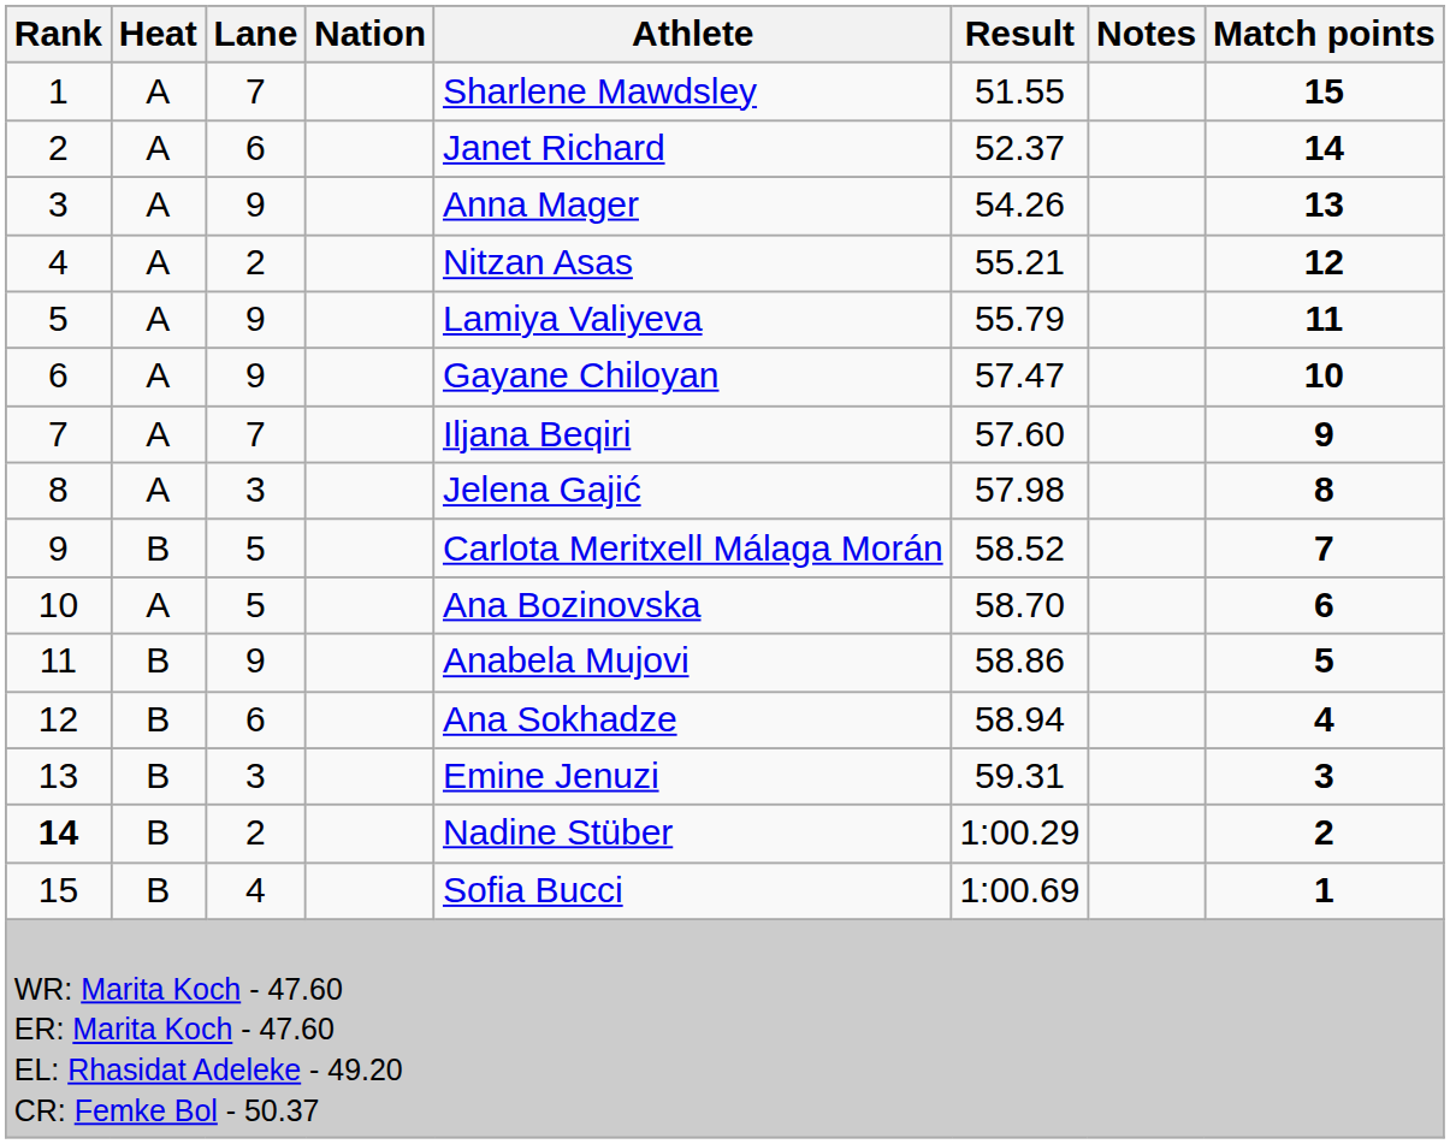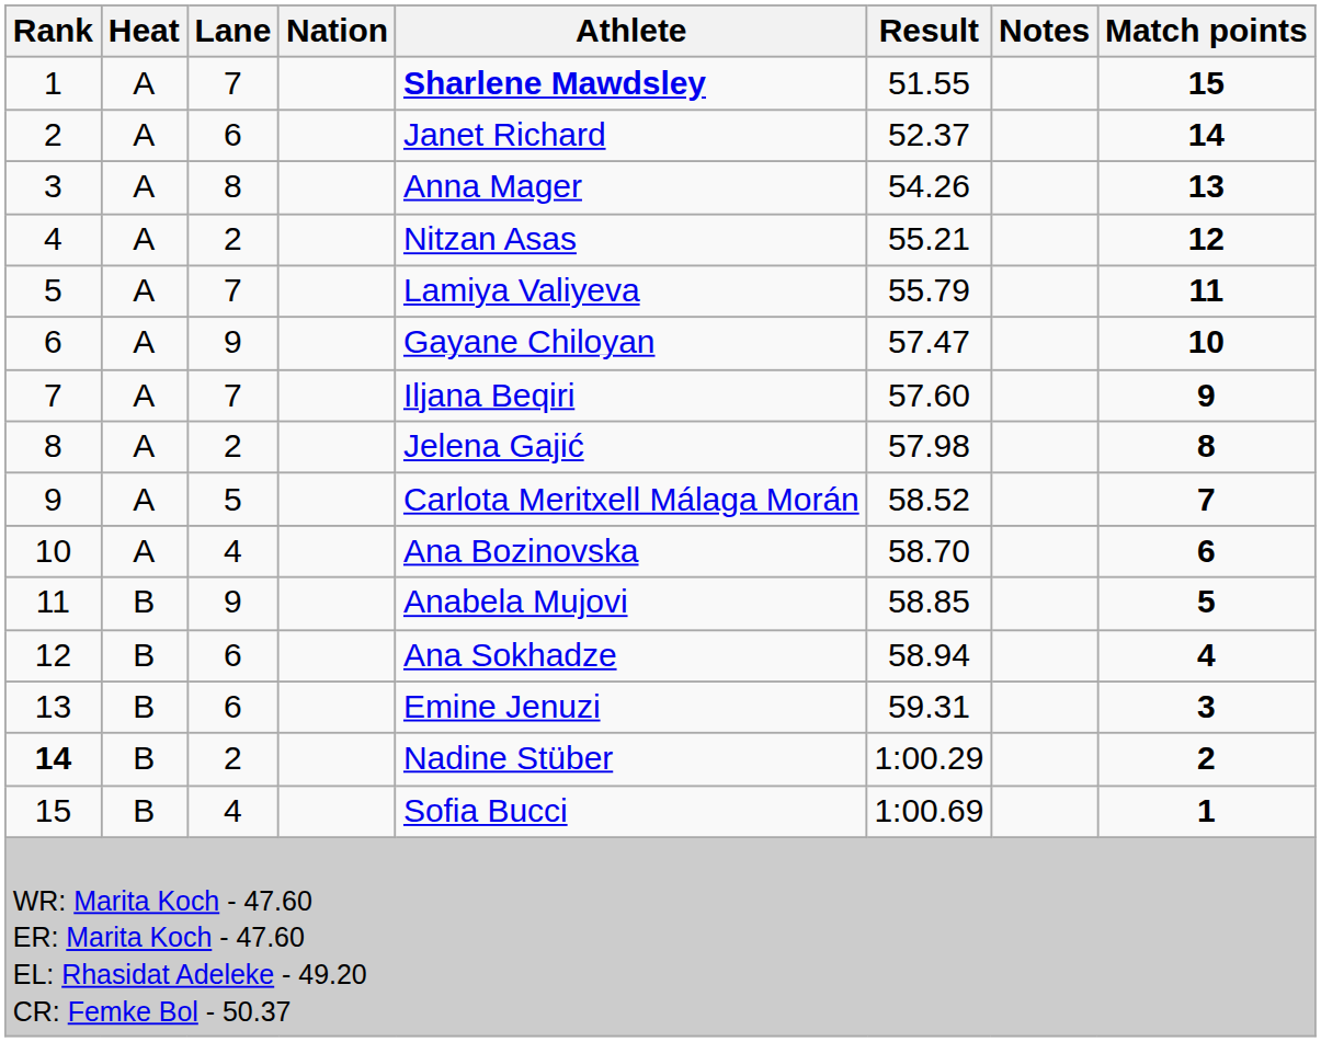 <table class="wikitable sortable" style="text-align:left;">
 <tr>
 <th>Rank</th>
 <th>Heat</th>
 <th>Lane</th>
 <th>Nation</th>
 <th>Athlete</th>
 <th>Result</th>
 <th>Notes</th>
 <th>Match points</th>
 </tr>
 <tr>
 <td align=center>1</td>
 <td align=center>A</td>
 <td align=center>7</td>
 <td></td>
-<td><a href='#'>Sharlene Mawdsley</a></td>
+<td><strong><a href='#'>Sharlene Mawdsley</a></strong></td>
 <td align=center>51.55</td>
 <td></td>
 <td align=center><strong>15</strong></td>
 </tr>
 <tr>
 <td align=center>2</td>
 <td align=center>A</td>
 <td align=center>6</td>
 <td></td>
 <td><a href='#'>Janet Richard</a></td>
 <td align=center>52.37</td>
 <td align=center></td>
 <td align=center><strong>14</strong></td>
 </tr>
 <tr>
 <td align=center>3</td>
 <td align=center>A</td>
-<td align=center>9</td>
+<td align=center>8</td>
 <td></td>
 <td><a href='#'>Anna Mager</a></td>
 <td align=center>54.26</td>
 <td align=center></td>
 <td align=center><strong>13</strong></td>
 </tr>
 <tr>
 <td align=center>4</td>
 <td align=center>A</td>
 <td align=center>2</td>
 <td></td>
 <td><a href='#'>Nitzan Asas</a></td>
 <td align=center>55.21</td>
 <td align=center></td>
 <td align=center><strong>12</strong></td>
 </tr>
 <tr>
 <td align=center>5</td>
 <td align=center>A</td>
-<td align=center>9</td>
+<td align=center>7</td>
 <td></td>
 <td><a href='#'>Lamiya Valiyeva</a></td>
 <td align=center>55.79</td>
 <td></td>
 <td align=center><strong>11</strong></td>
 </tr>
 <tr>
 <td align=center>6</td>
 <td align=center>A</td>
 <td align=center>9</td>
 <td></td>
 <td><a href='#'>Gayane Chiloyan</a></td>
 <td align=center>57.47</td>
 <td align=center></td>
 <td align=center><strong>10</strong></td>
 </tr>
 <tr>
 <td align=center>7</td>
 <td align=center>A</td>
 <td align=center>7</td>
 <td></td>
 <td><a href='#'>Iljana Beqiri</a></td>
 <td align=center>57.60</td>
 <td align=center></td>
 <td align=center><strong>9</strong></td>
 </tr>
 <tr>
 <td align=center>8</td>
 <td align=center>A</td>
-<td align=center>3</td>
+<td align=center>2</td>
 <td></td>
 <td><a href='#'>Jelena Gajić</a></td>
 <td align=center>57.98</td>
 <td align=center></td>
 <td align=center><strong>8</strong></td>
 </tr>
 <tr>
 <td align=center>9</td>
-<td align=center>B</td>
+<td align=center>A</td>
 <td align=center>5</td>
 <td></td>
 <td><a href='#'>Carlota Meritxell Málaga Morán</a></td>
 <td align=center>58.52</td>
 <td align=center></td>
 <td align=center><strong>7</strong></td>
 </tr>
 <tr>
 <td align=center>10</td>
 <td align=center>A</td>
-<td align=center>5</td>
+<td align=center>4</td>
 <td></td>
 <td><a href='#'>Ana Bozinovska</a></td>
 <td align=center>58.70</td>
 <td align=center></td>
 <td align=center><strong>6</strong></td>
 </tr>
 <tr>
 <td align=center>11</td>
 <td align=center>B</td>
 <td align=center>9</td>
 <td></td>
 <td><a href='#'>Anabela Mujovi</a></td>
-<td align=center>58.86</td>
+<td align=center>58.85</td>
 <td align=center></td>
 <td align=center><strong>5</strong></td>
 </tr>
 <tr>
 <td align=center>12</td>
 <td align=center>B</td>
 <td align=center>6</td>
 <td></td>
 <td><a href='#'>Ana Sokhadze</a></td>
 <td align=center>58.94</td>
 <td align=center></td>
 <td align=center><strong>4</strong></td>
 </tr>
 <tr>
 <td align=center>13</td>
 <td align=center>B</td>
-<td align=center>3</td>
+<td align=center>6</td>
 <td></td>
 <td><a href='#'>Emine Jenuzi</a></td>
 <td align=center>59.31</td>
 <td align=center></td>
 <td align=center><strong>3</strong></td>
 </tr>
 <tr>
 <td align=center><strong>14</strong></td>
 <td align=center>B</td>
 <td align=center>2</td>
 <td></td>
 <td><a href='#'>Nadine Stüber</a></td>
 <td align=center>1:00.29</td>
 <td></td>
 <td align=center><strong>2</strong></td>
 </tr>
 <tr>
 <td align=center>15</td>
 <td align=center>B</td>
 <td align=center>4</td>
 <td></td>
 <td><a href='#'>Sofia Bucci</a></td>
 <td align=center>1:00.69</td>
 <td align=center></td>
 <td align=center><strong>1</strong></td>
 </tr>
 <tr>
 <td colspan="8" bgcolor="#cccccc"><br> <small>WR:   <a href='#'>Marita Koch</a> - 47.60<br>ER:  <a href='#'>Marita Koch</a> - 47.60<br></small> <small>EL:   <a href='#'>Rhasidat Adeleke</a> - 49.20<br>CR:  <a href='#'>Femke Bol</a> - 50.37</small></td>
 </tr>
 </table>
